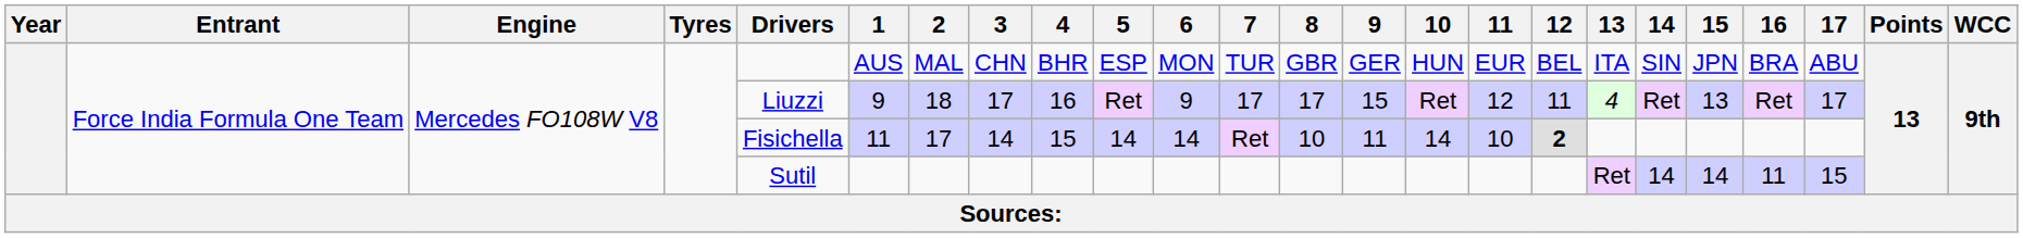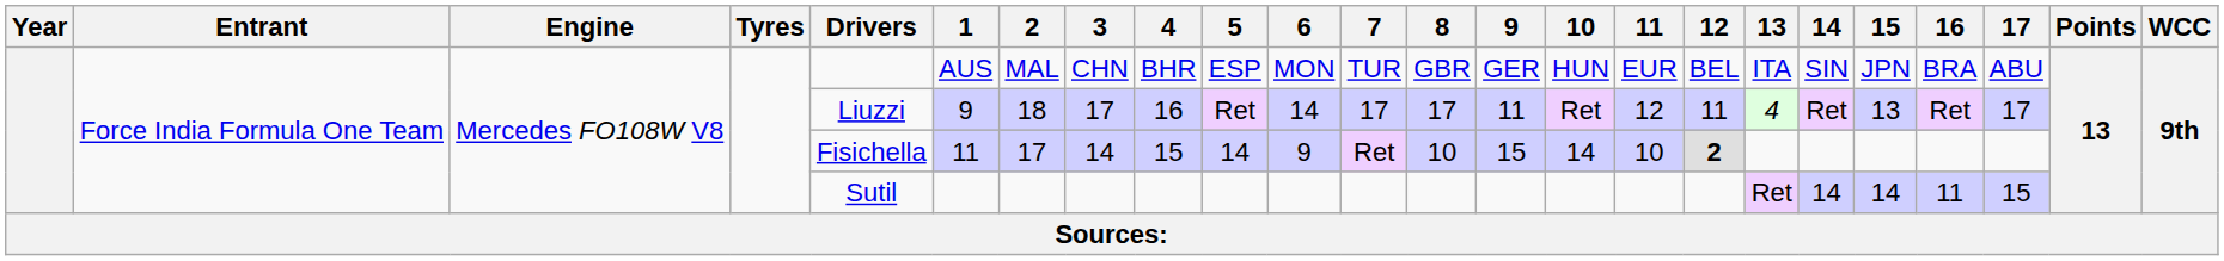 <table class="wikitable" style="text-align:center; font-size:95%">
 <tr>
 <th>Year</th>
 <th>Entrant</th>
 <th>Engine</th>
 <th>Tyres</th>
 <th>Drivers</th>
 <th>1</th>
 <th>2</th>
 <th>3</th>
 <th>4</th>
 <th>5</th>
 <th>6</th>
 <th>7</th>
 <th>8</th>
 <th>9</th>
 <th>10</th>
 <th>11</th>
 <th>12</th>
 <th>13</th>
 <th>14</th>
 <th>15</th>
 <th>16</th>
 <th>17</th>
 <th>Points</th>
 <th>WCC</th>
 </tr>
 <tr>
 <th rowspan="4"></th>
 <td rowspan="4"><a href='#'>Force India Formula One Team</a></td>
 <td rowspan="4"><a href='#'>Mercedes</a> <em>FO108W</em> <a href='#'>V8</a></td>
 <td rowspan="4"></td>
 <td></td>
 <td><a href='#'>AUS</a></td>
 <td><a href='#'>MAL</a></td>
 <td><a href='#'>CHN</a></td>
 <td><a href='#'>BHR</a></td>
 <td><a href='#'>ESP</a></td>
 <td><a href='#'>MON</a></td>
 <td><a href='#'>TUR</a></td>
 <td><a href='#'>GBR</a></td>
 <td><a href='#'>GER</a></td>
 <td><a href='#'>HUN</a></td>
 <td><a href='#'>EUR</a></td>
 <td><a href='#'>BEL</a></td>
 <td><a href='#'>ITA</a></td>
 <td><a href='#'>SIN</a></td>
 <td><a href='#'>JPN</a></td>
 <td><a href='#'>BRA</a></td>
 <td><a href='#'>ABU</a></td>
 <th rowspan="4">13</th>
 <th rowspan="4">9th</th>
 </tr>
 <tr>
 <td><a href='#'>Liuzzi</a></td>
 <td style="background:#cfcfff;">9</td>
 <td style="background:#cfcfff;">18</td>
 <td style="background:#cfcfff;">17</td>
 <td style="background:#cfcfff;">16</td>
 <td style="background:#EFCFFF;">Ret</td>
-<td style="background:#cfcfff;">9</td>
+<td style="background:#cfcfff;">14</td>
 <td style="background:#cfcfff;">17</td>
 <td style="background:#cfcfff;">17</td>
-<td style="background:#cfcfff;">15</td>
+<td style="background:#cfcfff;">11</td>
 <td style="background:#EFCFFF;">Ret</td>
 <td style="background:#cfcfff;">12</td>
 <td style="background:#cfcfff;">11</td>
 <td style="background:#dfffdf;"><em>4</em></td>
 <td style="background:#EFCFFF;">Ret</td>
 <td style="background:#cfcfff;">13</td>
 <td style="background:#EFCFFF;">Ret</td>
 <td style="background:#cfcfff;">17</td>
 </tr>
 <tr>
 <td><a href='#'>Fisichella</a></td>
 <td style="background:#cfcfff;">11</td>
 <td style="background:#cfcfff;">17</td>
 <td style="background:#cfcfff;">14</td>
 <td style="background:#cfcfff;">15</td>
 <td style="background:#cfcfff;">14</td>
-<td style="background:#cfcfff;">14</td>
+<td style="background:#cfcfff;">9</td>
 <td style="background:#EFCFFF;">Ret</td>
 <td style="background:#cfcfff;">10</td>
-<td style="background:#cfcfff;">11</td>
+<td style="background:#cfcfff;">15</td>
 <td style="background:#cfcfff;">14</td>
 <td style="background:#cfcfff;">10</td>
 <td style="background:#DFDFDF;"><strong>2</strong></td>
 <td></td>
 <td></td>
 <td></td>
 <td></td>
 <td></td>
 </tr>
 <tr>
 <td><a href='#'>Sutil</a></td>
 <td></td>
 <td></td>
 <td></td>
 <td></td>
 <td></td>
 <td></td>
 <td></td>
 <td></td>
 <td></td>
 <td></td>
 <td></td>
 <td></td>
 <td style="background:#EFCFFF;">Ret</td>
 <td style="background:#cfcfff;">14</td>
 <td style="background:#cfcfff;">14</td>
 <td style="background:#cfcfff;">11</td>
 <td style="background:#cfcfff;">15</td>
 </tr>
 <tr>
 <th colspan="24">Sources:</th>
 </tr>
 </table>
